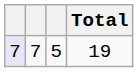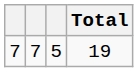 <table class="wikitable">
 <tr>
 <th></th>
 <th></th>
 <th></th>
 <th>Total</th>
 </tr>
 <tr style="text-align:center;">
-<td style="background: lavender;">7</td>
+<td>7</td>
 <td>7</td>
 <td>5</td>
 <td>19</td>
 </tr>
 </table>
